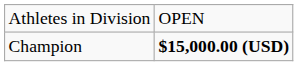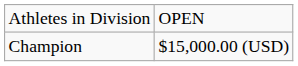 <table class="wikitable">
 <tr>
 <td>Athletes in Division</td>
 <td>OPEN</td>
 </tr>
 <tr>
 <td>Champion</td>
-<td><strong>$15,000.00 (USD)</strong></td>
+<td>$15,000.00 (USD)</td>
 </tr>
 </table>
